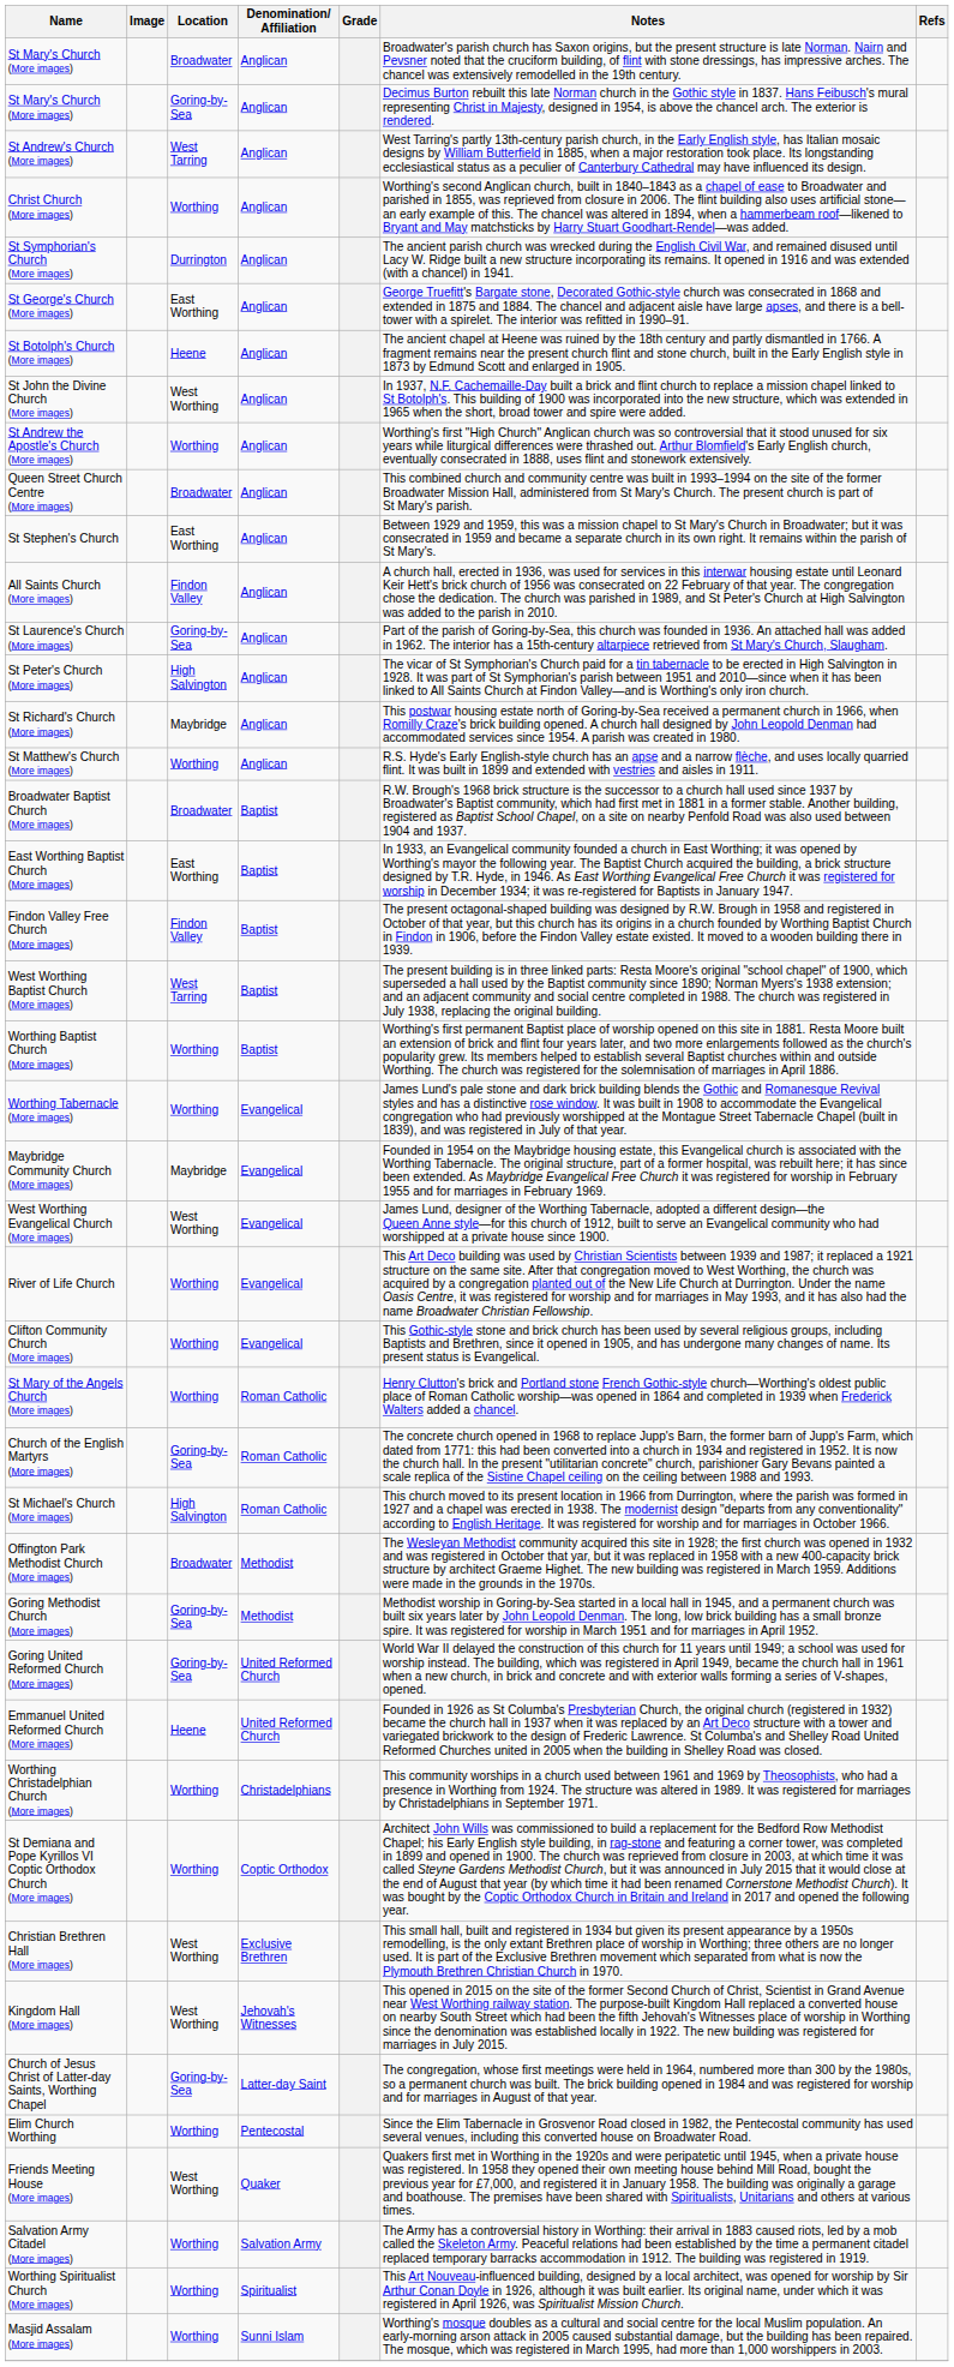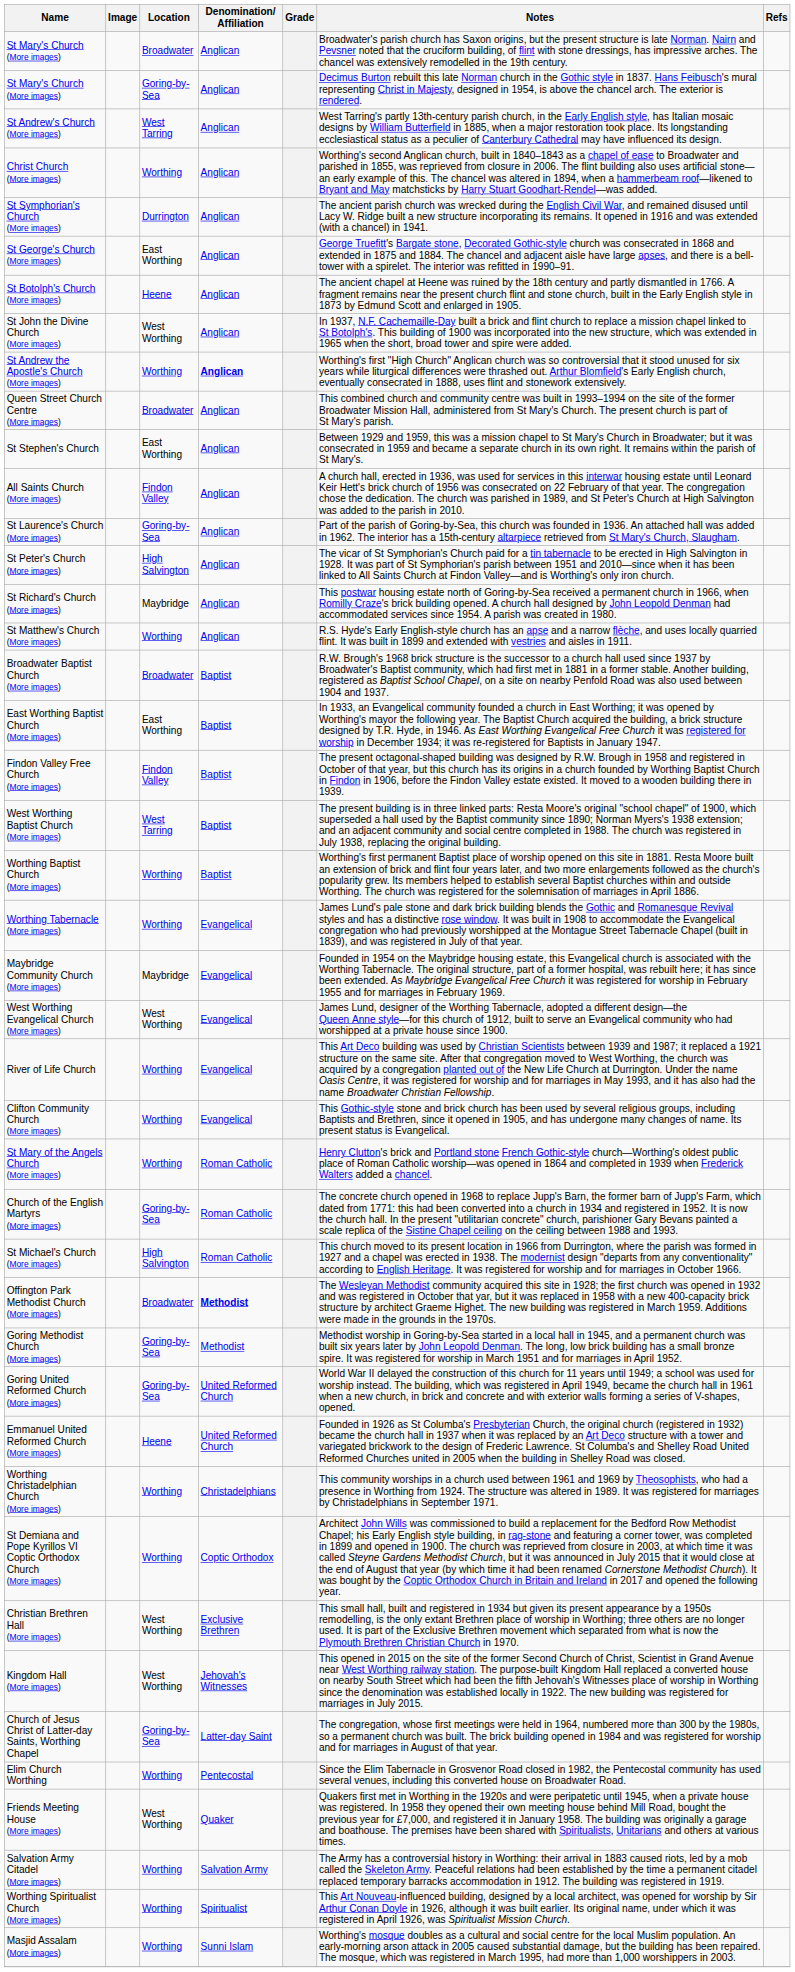 <table class="wikitable sortable">
 <tr>
 <th align="center">Name</th>
 <th align="center" class="unsortable">Image</th>
 <th align="center">Location</th>
 <th align="center">Denomination/<br>Affiliation</th>
 <th align="center">Grade</th>
 <th align="center" class="unsortable">Notes</th>
 <th align="center" class="unsortable">Refs</th>
 </tr>
 <tr>
 <td><a href='#'>St Mary's Church</a><br><small>(<a href='#'>More images</a>)</small></td>
 <td></td>
 <td><a href='#'>Broadwater</a><br></td>
 <td><a href='#'>Anglican</a></td>
 <th></th>
 <td>Broadwater's parish church has Saxon origins, but the present structure is late <a href='#'>Norman</a>.  <a href='#'>Nairn</a> and <a href='#'>Pevsner</a> noted that the cruciform building, of <a href='#'>flint</a> with stone dressings, has impressive arches.  The chancel was extensively remodelled in the 19th century.</td>
 <td><br><br></td>
 </tr>
 <tr>
 <td><a href='#'>St Mary's Church</a><br><small>(<a href='#'>More images</a>)</small></td>
 <td></td>
 <td><a href='#'>Goring-by-Sea</a><br></td>
 <td><a href='#'>Anglican</a></td>
 <th></th>
 <td><a href='#'>Decimus Burton</a> rebuilt this late <a href='#'>Norman</a> church in the <a href='#'>Gothic style</a> in 1837.  <a href='#'>Hans&nbsp;Feibusch</a>'s mural representing <a href='#'>Christ in Majesty</a>, designed in 1954, is above the chancel arch.  The exterior is <a href='#'>rendered</a>.</td>
 <td><br><br></td>
 </tr>
 <tr>
 <td><a href='#'>St Andrew's Church</a><br><small>(<a href='#'>More images</a>)</small></td>
 <td></td>
 <td><a href='#'>West Tarring</a><br></td>
 <td><a href='#'>Anglican</a></td>
 <th></th>
 <td>West Tarring's partly 13th-century parish church, in the <a href='#'>Early English style</a>, has Italian mosaic designs by <a href='#'>William&nbsp;Butterfield</a> in 1885, when a major restoration took place.  Its longstanding ecclesiastical status as a peculier of <a href='#'>Canterbury Cathedral</a> may have influenced its design.</td>
 <td><br><br></td>
 </tr>
 <tr>
 <td><a href='#'>Christ Church</a><br><small>(<a href='#'>More images</a>)</small></td>
 <td></td>
 <td><a href='#'>Worthing</a><br></td>
 <td><a href='#'>Anglican</a></td>
 <th></th>
 <td>Worthing's second Anglican church, built in 1840–1843 as a <a href='#'>chapel of ease</a> to Broadwater and parished in 1855, was reprieved from closure in 2006.  The flint building also uses artificial stone—an early example of this.  The chancel was altered in 1894, when a <a href='#'>hammerbeam roof</a>—likened to <a href='#'>Bryant and May</a> matchsticks by <a href='#'>Harry&nbsp;Stuart&nbsp;Goodhart-Rendel</a>—was added.</td>
 <td><br><br><br></td>
 </tr>
 <tr>
 <td><a href='#'>St Symphorian's Church</a><br><small>(<a href='#'>More images</a>)</small></td>
 <td></td>
 <td><a href='#'>Durrington</a><br></td>
 <td><a href='#'>Anglican</a></td>
 <th></th>
 <td>The ancient parish church was wrecked during the <a href='#'>English Civil War</a>, and remained disused until Lacy W. Ridge built a new structure incorporating its remains.  It opened in 1916 and was extended (with a chancel) in 1941.</td>
 <td><br><br></td>
 </tr>
 <tr>
 <td><a href='#'>St George's Church</a><br><small>(<a href='#'>More images</a>)</small></td>
 <td></td>
 <td>East Worthing<br></td>
 <td><a href='#'>Anglican</a></td>
 <th></th>
 <td><a href='#'>George Truefitt</a>'s <a href='#'>Bargate stone</a>, <a href='#'>Decorated Gothic-style</a> church was consecrated in 1868 and extended in 1875 and 1884.  The chancel and adjacent aisle have large <a href='#'>apses</a>, and there is a bell-tower with a spirelet.  The interior was refitted in 1990–91.</td>
 <td><br><br><br></td>
 </tr>
 <tr>
 <td><a href='#'>St Botolph's Church</a><br><small>(<a href='#'>More images</a>)</small></td>
 <td></td>
 <td><a href='#'>Heene</a><br></td>
 <td><a href='#'>Anglican</a></td>
 <th></th>
 <td>The ancient chapel at Heene was ruined by the 18th century and partly dismantled in 1766.  A fragment remains near the present church flint and stone church, built in the Early English style in 1873 by Edmund Scott and enlarged in 1905.</td>
 <td><br><br><br></td>
 </tr>
 <tr>
 <td>St John the Divine Church<br><small>(<a href='#'>More images</a>)</small></td>
 <td></td>
 <td>West Worthing<br></td>
 <td><a href='#'>Anglican</a></td>
 <th></th>
 <td>In 1937, <a href='#'>N.F. Cachemaille-Day</a> built a brick and flint church to replace a mission chapel linked to <a href='#'>St Botolph's</a>.  This building of 1900 was incorporated into the new structure, which was extended in 1965 when the short, broad tower and spire were added.</td>
 <td><br><br></td>
 </tr>
 <tr>
 <td><a href='#'>St Andrew the Apostle's Church</a><br><small>(<a href='#'>More images</a>)</small></td>
 <td></td>
 <td><a href='#'>Worthing</a><br></td>
-<td><a href='#'>Anglican</a></td>
+<td><strong><a href='#'>Anglican</a></strong></td>
 <th></th>
 <td>Worthing's first "High Church" Anglican church was so controversial that it stood unused for six years while liturgical differences were thrashed out.  <a href='#'>Arthur&nbsp;Blomfield</a>'s Early English church, eventually consecrated in 1888, uses flint and stonework extensively.</td>
 <td><br><br><br></td>
 </tr>
 <tr>
 <td>Queen Street Church Centre<br><small>(<a href='#'>More images</a>)</small></td>
 <td></td>
 <td><a href='#'>Broadwater</a><br></td>
 <td><a href='#'>Anglican</a></td>
 <th align="center"></th>
 <td>This combined church and community centre was built in 1993–1994 on the site of the former Broadwater Mission Hall, administered from St Mary's Church.  The present church is part of St Mary's parish.</td>
 <td><br></td>
 </tr>
 <tr>
 <td>St Stephen's Church</td>
 <td></td>
 <td>East Worthing<br></td>
 <td><a href='#'>Anglican</a></td>
 <th align="center"></th>
 <td>Between 1929 and 1959, this was a mission chapel to St Mary's Church in Broadwater; but it was consecrated in 1959 and became a separate church in its own right.  It remains within the parish of St Mary's.</td>
 <td><br></td>
 </tr>
 <tr>
 <td>All Saints Church<br><small>(<a href='#'>More images</a>)</small></td>
 <td></td>
 <td><a href='#'>Findon Valley</a><br></td>
 <td><a href='#'>Anglican</a></td>
 <th align="center"></th>
 <td>A church hall, erected in 1936, was used for services in this <a href='#'>interwar</a> housing estate until Leonard Keir Hett's brick church of 1956 was consecrated on 22 February of that year.  The congregation chose the dedication.  The church was parished in 1989, and St Peter's Church at High Salvington was added to the parish in 2010.</td>
 <td><br></td>
 </tr>
 <tr>
 <td>St Laurence's Church<br><small>(<a href='#'>More images</a>)</small></td>
 <td></td>
 <td><a href='#'>Goring-by-Sea</a><br></td>
 <td><a href='#'>Anglican</a></td>
 <th align="center"></th>
 <td>Part of the parish of Goring-by-Sea, this church was founded in 1936.  An attached hall was added in 1962.  The interior has a 15th-century <a href='#'>altarpiece</a> retrieved from <a href='#'>St Mary's Church, Slaugham</a>.</td>
 <td></td>
 </tr>
 <tr>
 <td>St Peter's Church<br><small>(<a href='#'>More images</a>)</small></td>
 <td></td>
 <td><a href='#'>High Salvington</a><br></td>
 <td><a href='#'>Anglican</a></td>
 <th align="center"></th>
 <td>The vicar of St Symphorian's Church paid for a <a href='#'>tin tabernacle</a> to be erected in High Salvington in 1928.  It was part of St Symphorian's parish between 1951 and 2010—since when it has been linked to All Saints Church at Findon Valley—and is Worthing's only iron church.</td>
 <td><br><br></td>
 </tr>
 <tr>
 <td>St Richard's Church<br><small>(<a href='#'>More images</a>)</small></td>
 <td></td>
 <td>Maybridge<br></td>
 <td><a href='#'>Anglican</a></td>
 <th align="center"></th>
 <td>This <a href='#'>postwar</a> housing estate north of Goring-by-Sea received a permanent church in 1966, when <a href='#'>Romilly&nbsp;Craze</a>'s brick building opened.  A church hall designed by <a href='#'>John Leopold Denman</a> had accommodated services since 1954.  A parish was created in 1980.</td>
 <td><br></td>
 </tr>
 <tr>
 <td>St Matthew's Church<br><small>(<a href='#'>More images</a>)</small></td>
 <td></td>
 <td><a href='#'>Worthing</a><br></td>
 <td><a href='#'>Anglican</a></td>
 <th align="center"></th>
 <td>R.S. Hyde's Early English-style church has an <a href='#'>apse</a> and a narrow <a href='#'>flèche</a>, and uses locally quarried flint.  It was built in 1899 and extended with <a href='#'>vestries</a> and aisles in 1911.</td>
 <td><br><br></td>
 </tr>
 <tr>
 <td>Broadwater Baptist Church<br><small>(<a href='#'>More images</a>)</small></td>
 <td></td>
 <td><a href='#'>Broadwater</a><br></td>
 <td><a href='#'>Baptist</a></td>
 <th align="center"></th>
 <td>R.W. Brough's 1968 brick structure is the successor to a church hall used since 1937 by Broadwater's Baptist community, which had first met in 1881 in a former stable.  Another building, registered as <em>Baptist School Chapel</em>, on a site on nearby Penfold Road was also used between 1904 and 1937.</td>
 <td><br><br><br></td>
 </tr>
 <tr>
 <td>East Worthing Baptist Church<br><small>(<a href='#'>More images</a>)</small></td>
 <td></td>
 <td>East Worthing<br></td>
 <td><a href='#'>Baptist</a></td>
 <th align="center"></th>
 <td>In 1933, an Evangelical community founded a church in East Worthing; it was opened by Worthing's mayor the following year.  The Baptist Church acquired the building, a brick structure designed by T.R. Hyde, in 1946.  As <em>East Worthing Evangelical Free Church</em> it was <a href='#'>registered for worship</a> in December 1934; it was re-registered for Baptists in January 1947.</td>
 <td><br><br></td>
 </tr>
 <tr>
 <td>Findon Valley Free Church<br><small>(<a href='#'>More images</a>)</small></td>
 <td></td>
 <td><a href='#'>Findon Valley</a><br></td>
 <td><a href='#'>Baptist</a></td>
 <th align="center"></th>
 <td>The present octagonal-shaped building was designed by R.W. Brough in 1958 and registered in October of that year, but this church has its origins in a church founded by Worthing Baptist Church in <a href='#'>Findon</a> in 1906, before the Findon Valley estate existed.  It moved to a wooden building there in 1939.</td>
 <td><br><br><br></td>
 </tr>
 <tr>
 <td>West Worthing Baptist Church<br><small>(<a href='#'>More images</a>)</small></td>
 <td></td>
 <td><a href='#'>West Tarring</a><br></td>
 <td><a href='#'>Baptist</a></td>
 <th align="center"></th>
 <td>The present building is in three linked parts: Resta Moore's original "school chapel" of 1900, which superseded a hall used by the Baptist community since 1890; Norman Myers's 1938 extension; and an adjacent community and social centre completed in 1988.  The church was registered in July 1938, replacing the original building.</td>
 <td><br><br></td>
 </tr>
 <tr>
 <td>Worthing Baptist Church<br><small>(<a href='#'>More images</a>)</small></td>
 <td></td>
 <td><a href='#'>Worthing</a><br></td>
 <td><a href='#'>Baptist</a></td>
 <th align="center"></th>
 <td>Worthing's first permanent Baptist place of worship opened on this site in 1881.  Resta Moore built an extension of brick and flint four years later, and two more enlargements followed as the church's popularity grew.  Its members helped to establish several Baptist churches within and outside Worthing.  The church was registered for the solemnisation of marriages in April 1886.</td>
 <td><br><br></td>
 </tr>
 <tr>
 <td><a href='#'>Worthing Tabernacle</a><br><small>(<a href='#'>More images</a>)</small></td>
 <td></td>
 <td><a href='#'>Worthing</a><br></td>
 <td><a href='#'>Evangelical</a></td>
 <th></th>
 <td>James Lund's pale stone and dark brick building blends the <a href='#'>Gothic</a> and <a href='#'>Romanesque Revival</a> styles and has a distinctive <a href='#'>rose window</a>.  It was built in 1908 to accommodate the Evangelical congregation who had previously worshipped at the Montague Street Tabernacle Chapel (built in 1839), and was registered in July of that year.</td>
 <td><br><br><br><br></td>
 </tr>
 <tr>
 <td>Maybridge Community Church<br><small>(<a href='#'>More images</a>)</small></td>
 <td></td>
 <td>Maybridge<br></td>
 <td><a href='#'>Evangelical</a></td>
 <th align="center"></th>
 <td>Founded in 1954 on the Maybridge housing estate, this Evangelical church is associated with the Worthing Tabernacle.  The original structure, part of a former hospital, was rebuilt here; it has since been extended.  As <em>Maybridge Evangelical Free Church</em> it was registered for worship in February 1955 and for marriages in February 1969.</td>
 <td><br></td>
 </tr>
 <tr>
 <td>West Worthing Evangelical Church<br><small>(<a href='#'>More images</a>)</small></td>
 <td></td>
 <td>West Worthing<br></td>
 <td><a href='#'>Evangelical</a></td>
 <th align="center"></th>
 <td>James Lund, designer of the Worthing Tabernacle, adopted a different design—the <a href='#'>Queen Anne style</a>—for this church of 1912, built to serve an Evangelical community who had worshipped at a private house since 1900.</td>
 <td><br></td>
 </tr>
 <tr>
 <td>River of Life Church</td>
 <td></td>
 <td><a href='#'>Worthing</a><br></td>
 <td><a href='#'>Evangelical</a></td>
 <th align="center"></th>
 <td>This <a href='#'>Art Deco</a> building was used by <a href='#'>Christian Scientists</a> between 1939 and 1987; it replaced a 1921 structure on the same site.  After that congregation moved to West Worthing, the church was acquired by a congregation <a href='#'>planted out of</a> the New Life Church at Durrington.  Under the name <em>Oasis Centre</em>, it was registered for worship and for marriages in May 1993, and it has also had the name <em>Broadwater Christian Fellowship</em>.</td>
 <td><br><br><br></td>
 </tr>
 <tr>
 <td>Clifton Community Church<br><small>(<a href='#'>More images</a>)</small></td>
 <td></td>
 <td><a href='#'>Worthing</a><br></td>
 <td><a href='#'>Evangelical</a></td>
 <th align="center"></th>
 <td>This <a href='#'>Gothic-style</a> stone and brick church has been used by several religious groups, including Baptists and Brethren, since it opened in 1905, and has undergone many changes of name.  Its present status is Evangelical.</td>
 <td><br><br>	</td>
 </tr>
 <tr>
 <td><a href='#'>St Mary of the Angels Church</a><br><small>(<a href='#'>More images</a>)</small></td>
 <td></td>
 <td><a href='#'>Worthing</a><br></td>
 <td><a href='#'>Roman Catholic</a></td>
 <th></th>
 <td><a href='#'>Henry&nbsp;Clutton</a>'s brick and <a href='#'>Portland stone</a> <a href='#'>French Gothic-style</a> church—Worthing's oldest public place of Roman Catholic worship—was opened in 1864 and completed in 1939 when <a href='#'>Frederick Walters</a> added a <a href='#'>chancel</a>.</td>
 <td><br><br><br><br></td>
 </tr>
 <tr>
 <td>Church of the English Martyrs<br><small>(<a href='#'>More images</a>)</small></td>
 <td></td>
 <td><a href='#'>Goring-by-Sea</a><br></td>
 <td><a href='#'>Roman Catholic</a></td>
 <th align="center"></th>
 <td>The concrete church opened in 1968 to replace Jupp's Barn, the former barn of Jupp's Farm, which dated from 1771: this had been converted into a church in 1934 and registered in 1952.  It is now the church hall.  In the present "utilitarian concrete" church, parishioner Gary Bevans painted a scale replica of the <a href='#'>Sistine Chapel ceiling</a> on the ceiling between 1988 and 1993.</td>
 <td><br><br></td>
 </tr>
 <tr>
 <td>St Michael's Church<br><small>(<a href='#'>More images</a>)</small></td>
 <td></td>
 <td><a href='#'>High Salvington</a><br></td>
 <td><a href='#'>Roman Catholic</a></td>
 <th align="center"></th>
 <td>This church moved to its present location in 1966 from Durrington, where the parish was formed in 1927 and a chapel was erected in 1938.  The <a href='#'>modernist</a> design "departs from any conventionality" according to <a href='#'>English Heritage</a>.  It was registered for worship and for marriages in October 1966.</td>
 <td><br><br><br></td>
 </tr>
 <tr>
 <td>Offington Park Methodist Church<br><small>(<a href='#'>More images</a>)</small></td>
 <td></td>
 <td><a href='#'>Broadwater</a><br></td>
-<td><a href='#'>Methodist</a></td>
+<td><strong><a href='#'>Methodist</a></strong></td>
 <th align="center"></th>
 <td>The <a href='#'>Wesleyan Methodist</a> community acquired this site in 1928; the first church was opened in 1932 and was registered in October that yar, but it was replaced in 1958 with a new 400-capacity brick structure by architect Graeme Highet.  The new building was registered in March 1959.  Additions were made in the grounds in the 1970s.</td>
 <td><br><br><br></td>
 </tr>
 <tr>
 <td>Goring Methodist Church<br><small>(<a href='#'>More images</a>)</small></td>
 <td></td>
 <td><a href='#'>Goring-by-Sea</a><br></td>
 <td><a href='#'>Methodist</a></td>
 <th align="center"></th>
 <td>Methodist worship in Goring-by-Sea started in a local hall in 1945, and a permanent church was built six years later by <a href='#'>John&nbsp;Leopold&nbsp;Denman</a>.  The long, low brick building has a small bronze spire.  It was registered for worship in March 1951 and for marriages in April 1952.</td>
 <td><br><br><br></td>
 </tr>
 <tr>
 <td>Goring United Reformed Church<br><small>(<a href='#'>More images</a>)</small></td>
 <td></td>
 <td><a href='#'>Goring-by-Sea</a><br></td>
 <td><a href='#'>United Reformed Church</a></td>
 <th align="center"></th>
 <td>World War II delayed the construction of this church for 11 years until 1949; a school was used for worship instead.  The building, which was registered in April 1949, became the church hall in 1961 when a new church, in brick and concrete and with exterior walls forming a series of V-shapes, opened.</td>
 <td><br><br></td>
 </tr>
 <tr>
 <td>Emmanuel United Reformed Church<br><small>(<a href='#'>More images</a>)</small></td>
 <td></td>
 <td><a href='#'>Heene</a><br></td>
 <td><a href='#'>United Reformed Church</a></td>
 <th align="center"></th>
 <td>Founded in 1926 as St Columba's <a href='#'>Presbyterian</a> Church, the original church (registered in 1932) became the church hall in 1937 when it was replaced by an <a href='#'>Art Deco</a> structure with a tower and variegated brickwork to the design of Frederic Lawrence.  St Columba's and Shelley Road United Reformed Churches united in 2005 when the building in Shelley Road was closed.</td>
 <td><br><br><br></td>
 </tr>
 <tr>
 <td>Worthing Christadelphian Church<br><small>(<a href='#'>More images</a>)</small></td>
 <td></td>
 <td><a href='#'>Worthing</a><br></td>
 <td><a href='#'>Christadelphians</a></td>
 <th align="center"></th>
 <td>This community worships in a church used between 1961 and 1969 by <a href='#'>Theosophists</a>, who had a presence in Worthing from 1924.  The structure was altered in 1989.  It was registered for marriages by Christadelphians in September 1971.</td>
 <td><br><br></td>
 </tr>
 <tr>
 <td>St Demiana and Pope Kyrillos VI Coptic Orthodox Church<br><small>(<a href='#'>More images</a>)</small></td>
 <td></td>
 <td><a href='#'>Worthing</a><br></td>
 <td><a href='#'>Coptic Orthodox</a></td>
 <th align="center"></th>
 <td>Architect <a href='#'>John Wills</a> was commissioned to build a replacement for the Bedford Row Methodist Chapel; his Early English style building, in <a href='#'>rag-stone</a> and featuring a corner tower, was completed in 1899 and opened in 1900.  The church was reprieved from closure in 2003, at which time it was called <em>Steyne Gardens Methodist Church</em>, but it was announced in July 2015 that it would close at the end of August that year (by which time it had been renamed <em>Cornerstone Methodist Church</em>).  It was bought by the <a href='#'>Coptic Orthodox Church in Britain and Ireland</a> in 2017 and opened the following year.</td>
 <td><br><br><br></td>
 </tr>
 <tr>
 <td>Christian Brethren Hall<br><small>(<a href='#'>More images</a>)</small></td>
 <td></td>
 <td>West Worthing<br></td>
 <td><a href='#'>Exclusive Brethren</a></td>
 <th align="center"></th>
 <td>This small hall, built and registered in 1934 but given its present appearance by a 1950s remodelling, is the only extant Brethren place of worship in Worthing; three others are no longer used.  It is part of the Exclusive Brethren movement which separated from what is now the <a href='#'>Plymouth Brethren Christian Church</a> in 1970.</td>
 <td><br></td>
 </tr>
 <tr>
 <td>Kingdom Hall<br><small>(<a href='#'>More images</a>)</small></td>
 <td></td>
 <td>West Worthing<br></td>
 <td><a href='#'>Jehovah's Witnesses</a></td>
 <th align="center"></th>
 <td>This opened in 2015 on the site of the former Second Church of Christ, Scientist in Grand Avenue near <a href='#'>West Worthing railway station</a>.  The purpose-built Kingdom Hall replaced a converted house on nearby South Street which had been the fifth Jehovah's Witnesses place of worship in Worthing since the denomination was established locally in 1922.  The new building was registered for marriages in July 2015.</td>
 <td><br></td>
 </tr>
 <tr>
 <td>Church of Jesus Christ of Latter-day Saints, Worthing Chapel</td>
 <td></td>
 <td><a href='#'>Goring-by-Sea</a><br></td>
 <td><a href='#'>Latter-day Saint</a></td>
 <th align="center"></th>
 <td>The congregation, whose first meetings were held in 1964, numbered more than 300 by the 1980s, so a permanent church was built.  The brick building opened in 1984 and was registered for worship and for marriages in August of that year.</td>
 <td><br></td>
 </tr>
 <tr>
 <td>Elim Church Worthing</td>
 <td></td>
 <td><a href='#'>Worthing</a><br></td>
 <td><a href='#'>Pentecostal</a></td>
 <th align="center"></th>
 <td>Since the Elim Tabernacle in Grosvenor Road closed in 1982, the Pentecostal community has used several venues, including this converted house on Broadwater Road.</td>
 <td><br></td>
 </tr>
 <tr>
 <td>Friends Meeting House<br><small>(<a href='#'>More images</a>)</small></td>
 <td></td>
 <td>West Worthing<br></td>
 <td><a href='#'>Quaker</a></td>
 <th align="center"></th>
 <td>Quakers first met in Worthing in the 1920s and were peripatetic until 1945, when a private house was registered.  In 1958 they opened their own meeting house behind Mill Road, bought the previous year for £7,000, and registered it in January 1958.  The building was originally a garage and boathouse.  The premises have been shared with <a href='#'>Spiritualists</a>, <a href='#'>Unitarians</a> and others at various times.</td>
 <td><br><br></td>
 </tr>
 <tr>
 <td>Salvation Army Citadel<br><small>(<a href='#'>More images</a>)</small></td>
 <td></td>
 <td><a href='#'>Worthing</a><br></td>
 <td><a href='#'>Salvation Army</a></td>
 <th align="center"></th>
 <td>The Army has a controversial history in Worthing: their arrival in 1883 caused riots, led by a mob called the <a href='#'>Skeleton Army</a>.  Peaceful relations had been established by the time a permanent citadel replaced temporary barracks accommodation in 1912.  The building was registered in 1919.</td>
 <td><br><br><br></td>
 </tr>
 <tr>
 <td>Worthing Spiritualist Church<br><small>(<a href='#'>More images</a>)</small></td>
 <td></td>
 <td><a href='#'>Worthing</a><br></td>
 <td><a href='#'>Spiritualist</a></td>
 <th align="center"></th>
 <td>This <a href='#'>Art Nouveau</a>-influenced building, designed by a local architect, was opened for worship by Sir <a href='#'>Arthur&nbsp;Conan&nbsp;Doyle</a> in 1926, although it was built earlier.  Its original name, under which it was registered in April 1926, was <em>Spiritualist Mission Church</em>.</td>
 <td><br><br></td>
 </tr>
 <tr>
 <td>Masjid Assalam<br><small>(<a href='#'>More images</a>)</small></td>
 <td></td>
 <td><a href='#'>Worthing</a><br></td>
 <td><a href='#'>Sunni Islam</a></td>
 <th align="center"></th>
 <td>Worthing's <a href='#'>mosque</a> doubles as a cultural and social centre for the local Muslim population.  An early-morning arson attack in 2005 caused substantial damage, but the building has been repaired.  The mosque, which was registered in March 1995, had more than 1,000 worshippers in 2003.</td>
 <td><br></td>
 </tr>
 <tr>
 </tr>
 </table>
